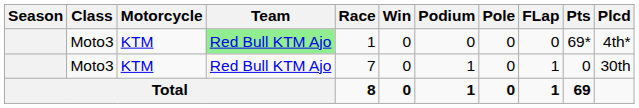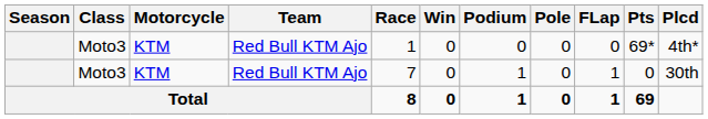 <table class="wikitable" style="text-align:right;">
 <tr>
 <th>Season</th>
 <th>Class</th>
 <th>Motorcycle</th>
 <th>Team</th>
 <th>Race</th>
 <th>Win</th>
 <th>Podium</th>
 <th>Pole</th>
 <th>FLap</th>
 <th>Pts</th>
 <th>Plcd</th>
 </tr>
 <tr>
 <th></th>
 <td>Moto3</td>
 <td style="text-align:left;"><a href='#'>KTM</a></td>
-<td style="background: lightgreen; text-align:left;"><a href='#'>Red Bull KTM Ajo</a></td>
+<td style="text-align:left;"><a href='#'>Red Bull KTM Ajo</a></td>
 <td>1</td>
 <td>0</td>
 <td>0</td>
 <td>0</td>
 <td>0</td>
 <td>69*</td>
 <td>4th*</td>
 </tr>
 <tr>
 <th></th>
 <td>Moto3</td>
 <td style="text-align:left;"><a href='#'>KTM</a></td>
 <td style="text-align:left;"><a href='#'>Red Bull KTM Ajo</a></td>
 <td>7</td>
 <td>0</td>
 <td>1</td>
 <td>0</td>
 <td>1</td>
 <td>0</td>
 <td>30th</td>
 </tr>
 <tr>
 <th colspan="4">Total</th>
 <td><strong>8</strong></td>
 <td><strong>0</strong></td>
 <td><strong>1</strong></td>
 <td><strong>0</strong></td>
 <td><strong>1</strong></td>
 <td><strong>69</strong></td>
 <td></td>
 </tr>
 </table>
